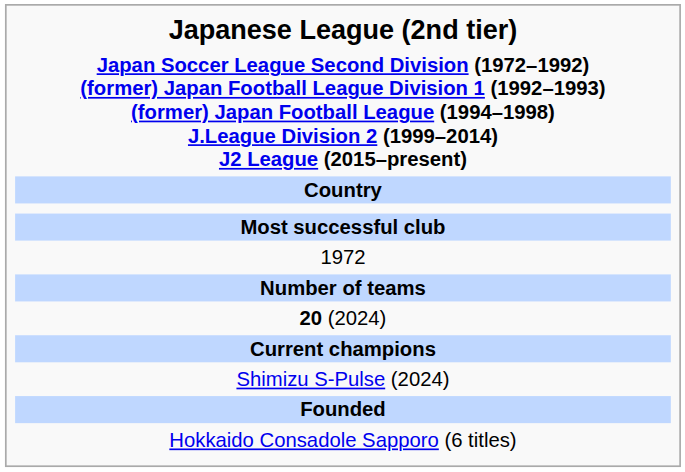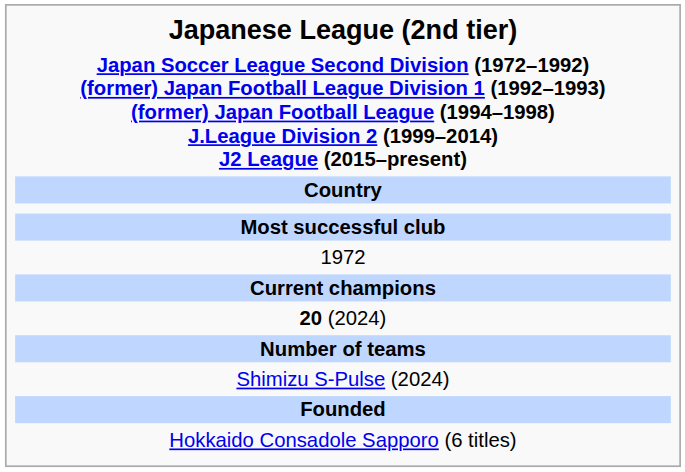 <table class="infobox football" style="width: 25em; text-align: center;">
 <tr>
 <th style="font-size: 16px;">Japanese League (2nd tier)</th>
 </tr>
 <tr>
 <th style="font-size: 12px;"><a href='#'>Japan Soccer League Second Division</a> (1972–1992)<br><a href='#'>(former) Japan Football League Division 1</a> (1992–1993)<br><a href='#'>(former) Japan Football League</a> (1994–1998)<br><a href='#'>J.League Division 2</a> (1999–2014)<br><a href='#'>J2 League</a> (2015–present)</th>
 </tr>
 <tr>
 <td style="font-size: 12px; background: #BFD7FF;"><strong>Country</strong></td>
 </tr>
 <tr>
 <td style="font-size: 12px;"></td>
 </tr>
 <tr>
 <td style="font-size: 12px; background: #BFD7FF;"><strong>Most successful club</strong></td>
 </tr>
 <tr>
 <td style="font-size: 12px;">1972</td>
 </tr>
 <tr>
-<td style="font-size: 12px; background: #BFD7FF;"><strong>Number of teams</strong></td>
+<td style="font-size: 12px; background: #BFD7FF;"><strong>Current champions</strong></td>
 </tr>
 <tr>
 <td style="font-size: 12px;"><strong>20</strong> (2024)</td>
 </tr>
 <tr>
-<td style="font-size: 12px; background: #BFD7FF;"><strong>Current champions</strong></td>
+<td style="font-size: 12px; background: #BFD7FF;"><strong>Number of teams</strong></td>
 </tr>
 <tr>
 <td style="font-size: 12px;"><a href='#'>Shimizu S-Pulse</a> (2024)</td>
 </tr>
 <tr>
 <td style="font-size: 12px; background: #BFD7FF;"><strong>Founded</strong></td>
 </tr>
 <tr>
 <td style="font-size: 12px;"><a href='#'>Hokkaido Consadole Sapporo</a> (6 titles)</td>
 </tr>
 <tr>
 </tr>
 </table>
